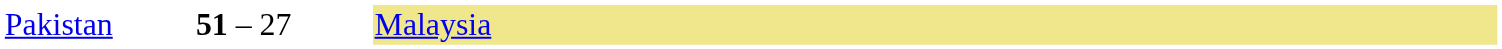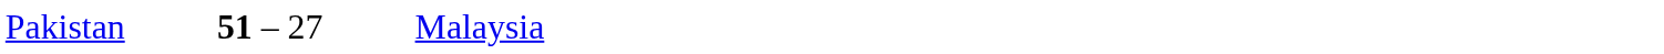 <table style="text-align:center; width:100%;">
 <tr>
 <th width=45%></th>
 <th width=10%></th>
 <th width=45%></th>
 </tr>
 <tr>
 <td align=right><a href='#'>Pakistan</a> </td>
 <td><strong>51</strong> – 27</td>
-<td align=left style="background: khaki;"> <a href='#'>Malaysia</a></td>
+<td align=left> <a href='#'>Malaysia</a></td>
 </tr>
 </table>
